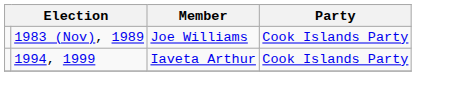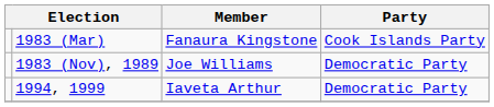 <table class="wikitable">
 <tr>
 <th colspan="2">Election</th>
 <th>Member</th>
 <th>Party</th>
 </tr>
 <tr>
 <td style="background-color: "></td>
+<td><a href='#'>1983 (Mar)</a></td>
+<td><a href='#'>Fanaura Kingstone</a></td>
+<td><a href='#'>Cook Islands Party</a></td>
+</tr>
+<tr>
+<td style="background-color: "></td>
 <td><a href='#'>1983 (Nov)</a>, <a href='#'>1989</a></td>
 <td><a href='#'>Joe Williams</a></td>
-<td><a href='#'>Cook Islands Party</a></td>
+<td><a href='#'>Democratic Party</a></td>
 </tr>
 <tr>
 <td style="background-color: "></td>
 <td><a href='#'>1994</a>, <a href='#'>1999</a></td>
 <td><a href='#'>Iaveta Arthur</a></td>
-<td><a href='#'>Cook Islands Party</a></td>
+<td><a href='#'>Democratic Party</a></td>
 </tr>
 <tr>
 </tr>
 </table>
